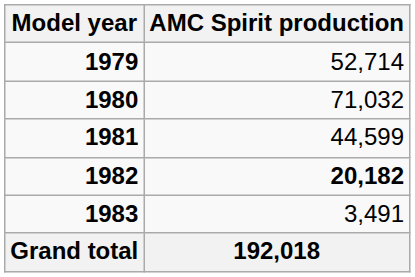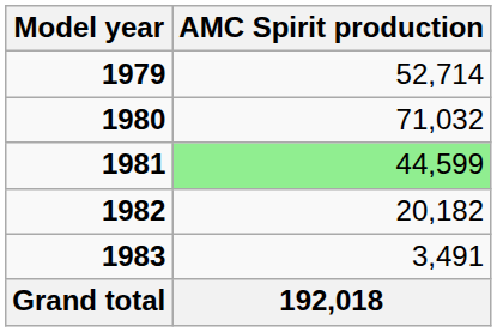 <table class="wikitable" style="text-align:right;">
 <tr>
 <th>Model year</th>
 <th>AMC Spirit production</th>
 </tr>
 <tr>
 <td><strong>1979</strong></td>
 <td>52,714</td>
 </tr>
 <tr>
 <td><strong>1980</strong></td>
 <td>71,032</td>
 </tr>
 <tr>
 <td><strong>1981</strong></td>
-<td>44,599</td>
+<td style="background: lightgreen;">44,599</td>
 </tr>
 <tr>
 <td><strong>1982</strong></td>
-<td><strong>20,182</strong></td>
+<td>20,182</td>
 </tr>
 <tr>
 <td><strong>1983</strong></td>
 <td>3,491</td>
 </tr>
 <tr>
 <th>Grand total</th>
 <th><strong>192,018</strong></th>
 </tr>
 </table>
